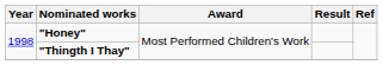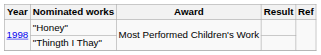 <table class="wikitable">
 <tr>
 <th>Year</th>
 <th>Nominated works</th>
 <th>Award</th>
 <th>Result</th>
 <th>Ref</th>
 </tr>
 <tr>
 <td rowspan="2"><a href='#'>1998</a></td>
-<td><strong>"Honey"</strong></td>
+<td>"Honey"</td>
 <td rowspan="2">Most Performed Children's Work</td>
 <td></td>
 <td rowspan="2"></td>
 </tr>
 <tr>
-<td><strong>"Thingth I Thay"</strong></td>
+<td>"Thingth I Thay"</td>
 <td></td>
 </tr>
 <tr>
 </tr>
 </table>
